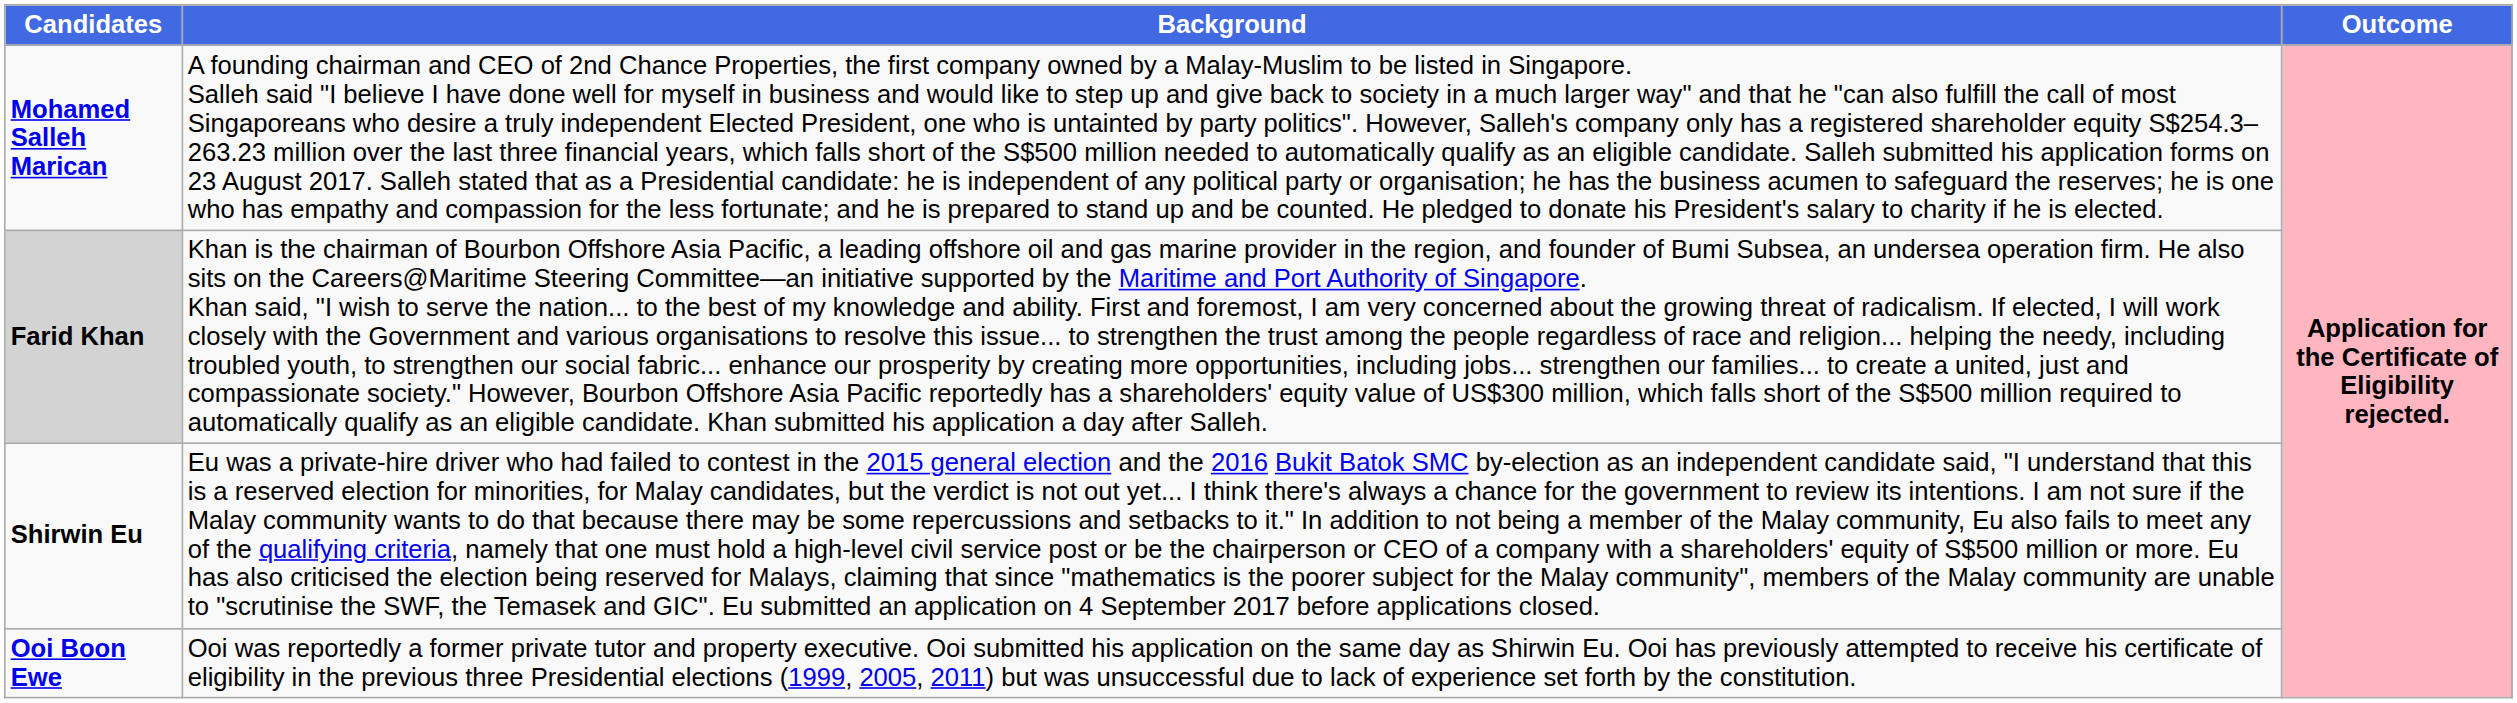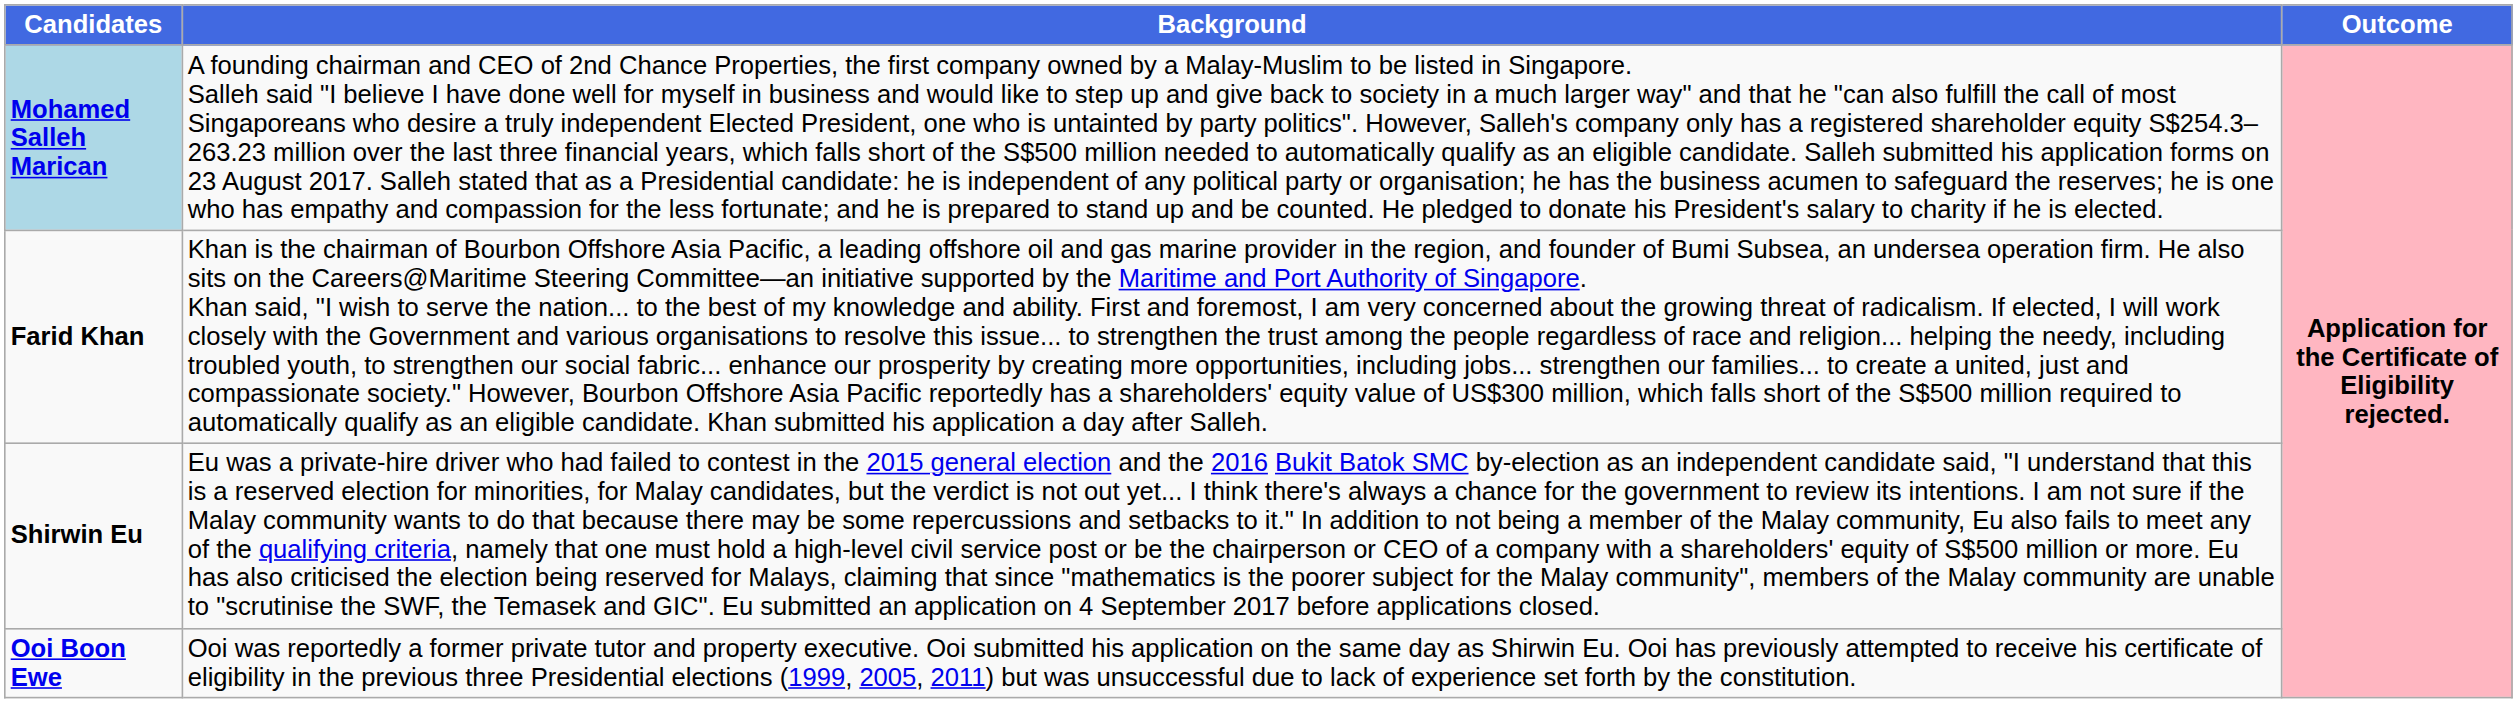 <table class="wikitable">
 <tr>
 <th style="background: RoyalBlue; color: white;">Candidates</th>
 <th style="background: RoyalBlue; color: white;">Background</th>
 <th style="background: RoyalBlue; color: white;">Outcome</th>
 </tr>
 <tr>
-<td><strong><a href='#'>Mohamed Salleh Marican</a></strong></td>
+<td style="background: lightblue;"><strong><a href='#'>Mohamed Salleh Marican</a></strong></td>
 <td>A founding chairman and CEO of 2nd Chance Properties, the first company owned by a Malay-Muslim to be listed in Singapore.<br>Salleh said "I believe I have done well for myself in business and would like to step up and give back to society in a much larger way" and that he "can also fulfill the call of most Singaporeans who desire a truly independent Elected President, one who is untainted by party politics". However, Salleh's company only has a registered shareholder equity S$254.3–263.23 million over the last three financial years, which falls short of the S$500 million needed to automatically qualify as an eligible candidate. Salleh submitted his application forms on 23 August 2017. Salleh stated that as a Presidential candidate: he is independent of any political party or organisation; he has the business acumen to safeguard the reserves; he is one who has empathy and compassion for the less fortunate; and he is prepared to stand up and be counted. He pledged to donate his President's salary to charity if he is elected.</td>
 <th rowspan="4" style="background: lightpink;">Application for the Certificate of Eligibility rejected.</th>
 </tr>
 <tr>
-<td style="background: lightgrey;"><strong>Farid Khan</strong></td>
+<td><strong>Farid Khan</strong></td>
 <td>Khan is the chairman of Bourbon Offshore Asia Pacific, a leading offshore oil and gas marine provider in the region, and founder of Bumi Subsea, an undersea operation firm. He also sits on the Careers@Maritime Steering Committee—an initiative supported by the <a href='#'>Maritime and Port Authority of Singapore</a>.<br>Khan said, "I wish to serve the nation... to the best of my knowledge and ability. First and foremost, I am very concerned about the growing threat of radicalism. If elected, I will work closely with the Government and various organisations to resolve this issue... to strengthen the trust among the people regardless of race and religion... helping the needy, including troubled youth, to strengthen our social fabric... enhance our prosperity by creating more opportunities, including jobs... strengthen our families... to create a united, just and compassionate society." However, Bourbon Offshore Asia Pacific reportedly has a shareholders' equity value of US$300 million, which falls short of the S$500 million required to automatically qualify as an eligible candidate. Khan submitted his application a day after Salleh.</td>
 </tr>
 <tr>
 <td><strong>Shirwin Eu</strong></td>
 <td>Eu was a private-hire driver who had failed to contest in the <a href='#'>2015 general election</a> and the <a href='#'>2016</a> <a href='#'>Bukit Batok SMC</a> by-election as an independent candidate said, "I understand that this is a reserved election for minorities, for Malay candidates, but the verdict is not out yet... I think there's always a chance for the government to review its intentions. I am not sure if the Malay community wants to do that because there may be some repercussions and setbacks to it." In addition to not being a member of the Malay community, Eu also fails to meet any of the <a href='#'>qualifying criteria</a>, namely that one must hold a high-level civil service post or be the chairperson or CEO of a company with a shareholders' equity of S$500 million or more. Eu has also criticised the election being reserved for Malays, claiming that since "mathematics is the poorer subject for the Malay community", members of the Malay community are unable to "scrutinise the SWF, the Temasek and GIC". Eu submitted an application on 4 September 2017 before applications closed.</td>
 </tr>
 <tr>
 <td><strong><a href='#'>Ooi Boon Ewe</a></strong></td>
 <td>Ooi was reportedly a former private tutor and property executive. Ooi submitted his application on the same day as Shirwin Eu. Ooi has previously attempted to receive his certificate of eligibility in the previous three Presidential elections (<a href='#'>1999</a>, <a href='#'>2005</a>, <a href='#'>2011</a>) but was unsuccessful due to lack of experience set forth by the constitution.</td>
 </tr>
 </table>
